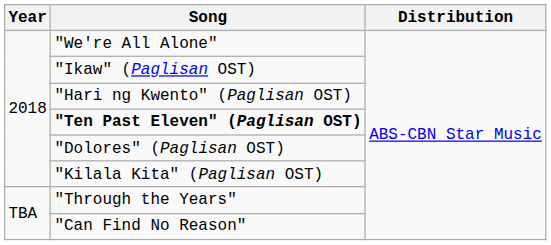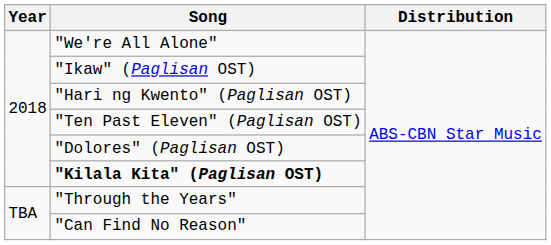 <table class="wikitable">
 <tr>
 <th>Year</th>
 <th>Song</th>
 <th>Distribution</th>
 </tr>
 <tr>
 <td rowspan="6">2018</td>
 <td>"We're All Alone"</td>
 <td rowspan="8"><a href='#'>ABS-CBN Star Music</a></td>
 </tr>
 <tr>
 <td>"Ikaw" (<em><a href='#'>Paglisan</a></em> OST)</td>
 </tr>
 <tr>
 <td>"Hari ng Kwento" (<em>Paglisan</em> OST)</td>
 </tr>
 <tr>
-<td><strong>"Ten Past Eleven" (<em>Paglisan</em> OST)</strong></td>
+<td>"Ten Past Eleven" (<em>Paglisan</em> OST)</td>
 </tr>
 <tr>
 <td>"Dolores" (<em>Paglisan</em> OST)</td>
 </tr>
 <tr>
-<td>"Kilala Kita" (<em>Paglisan</em> OST)</td>
+<td><strong>"Kilala Kita" (<em>Paglisan</em> OST)</strong></td>
 </tr>
 <tr>
 <td rowspan="2">TBA</td>
 <td>"Through the Years"</td>
 </tr>
 <tr>
 <td>"Can Find No Reason"</td>
 </tr>
 </table>
